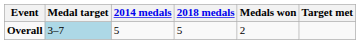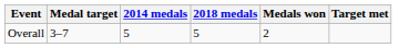 <table class="wikitable">
 <tr>
 <th>Event</th>
 <th>Medal target</th>
 <th><a href='#'>2014 medals</a></th>
 <th><a href='#'>2018 medals</a></th>
 <th>Medals won</th>
 <th>Target met</th>
 </tr>
 <tr>
-<td><strong>Overall</strong></td>
-<td style="background: lightblue;">3–7</td>
+<td>Overall</td>
+<td>3–7</td>
 <td>5</td>
 <td>5</td>
 <td>2</td>
 <td></td>
 </tr>
 </table>
